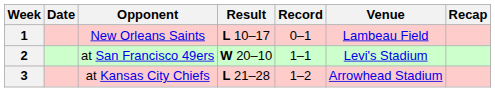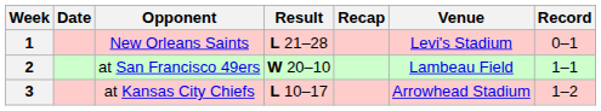 <table class="wikitable" style="text-align:center">
 <tr>
 <th>Week</th>
 <th>Date</th>
 <th>Opponent</th>
 <th>Result</th>
+<th>Recap</th>
+<th>Venue</th>
 <th>Record</th>
-<th>Venue</th>
-<th>Recap</th>
 </tr>
 <tr style="background:#fcc">
 <th>1</th>
 <td></td>
 <td><a href='#'>New Orleans Saints</a></td>
-<td><strong>L</strong> 10–17</td>
+<td><strong>L</strong> 21–28</td>
+<td></td>
+<td><a href='#'>Levi's Stadium</a></td>
 <td>0–1</td>
-<td><a href='#'>Lambeau Field</a></td>
-<td></td>
 </tr>
 <tr style="background:#cfc">
 <th>2</th>
 <td></td>
 <td>at <a href='#'>San Francisco 49ers</a></td>
 <td><strong>W</strong> 20–10</td>
+<td></td>
+<td><a href='#'>Lambeau Field</a></td>
 <td>1–1</td>
-<td><a href='#'>Levi's Stadium</a></td>
-<td></td>
 </tr>
 <tr style="background:#fcc">
 <th>3</th>
 <td></td>
 <td>at <a href='#'>Kansas City Chiefs</a></td>
-<td><strong>L</strong> 21–28</td>
+<td><strong>L</strong> 10–17</td>
+<td></td>
+<td><a href='#'>Arrowhead Stadium</a></td>
 <td>1–2</td>
-<td><a href='#'>Arrowhead Stadium</a></td>
-<td></td>
 </tr>
 </table>
